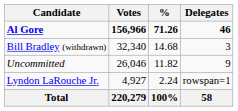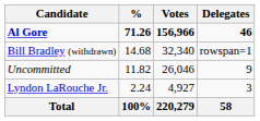 <table class="wikitable sortable" style="text-align:right;">
 <tr>
 <th>Candidate</th>
+<th>%</th>
 <th>Votes</th>
-<th>%</th>
 <th>Delegates</th>
 </tr>
 <tr>
 <td style="text-align:left;" data-sort-value="Gore, Al"><strong><a href='#'>Al Gore</a></strong></td>
+<td><strong>71.26</strong></td>
 <td><strong>156,966</strong></td>
-<td><strong>71.26</strong></td>
 <td><strong>46</strong></td>
 </tr>
 <tr>
 <td style="text-align:left;" data-sort-value="Bradley, Bill"><a href='#'>Bill Bradley</a> <small>(withdrawn)</small></td>
+<td>14.68</td>
 <td>32,340</td>
-<td>14.68</td>
-<td>3</td>
+<td>rowspan=1 </td>
 </tr>
 <tr>
 <td style="text-align:left;" data-sort-value="ZZZ"><em>Uncommitted</em></td>
+<td>11.82</td>
 <td>26,046</td>
-<td>11.82</td>
 <td>9</td>
 </tr>
 <tr>
 <td style="text-align:left;" data-sort-value="LaRouche Jr., Lyndon"><a href='#'>Lyndon LaRouche Jr.</a></td>
+<td>2.24</td>
 <td>4,927</td>
-<td>2.24</td>
-<td>rowspan=1 </td>
+<td>3</td>
 </tr>
 <tr>
 <th>Total</th>
+<th>100%</th>
 <th>220,279</th>
-<th>100%</th>
 <th>58</th>
 </tr>
 </table>
